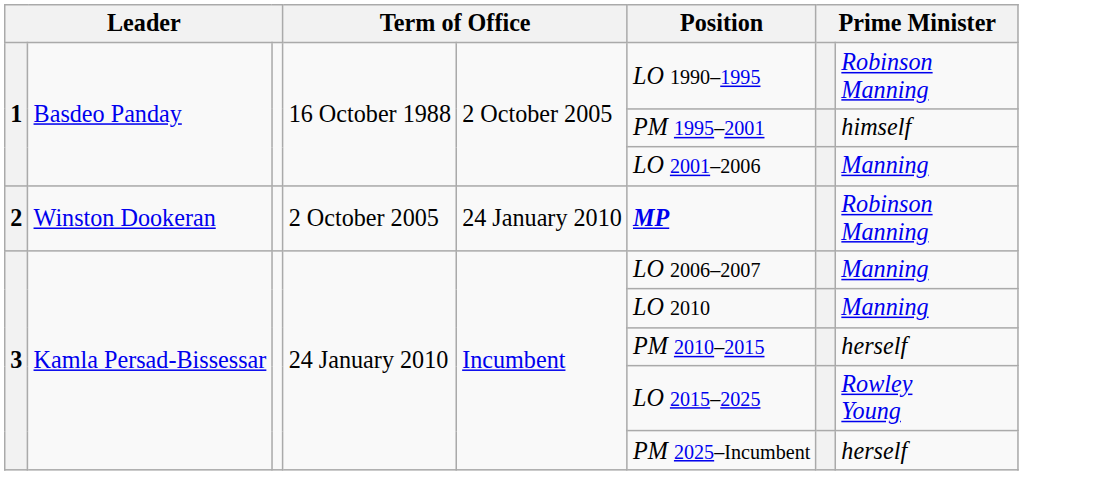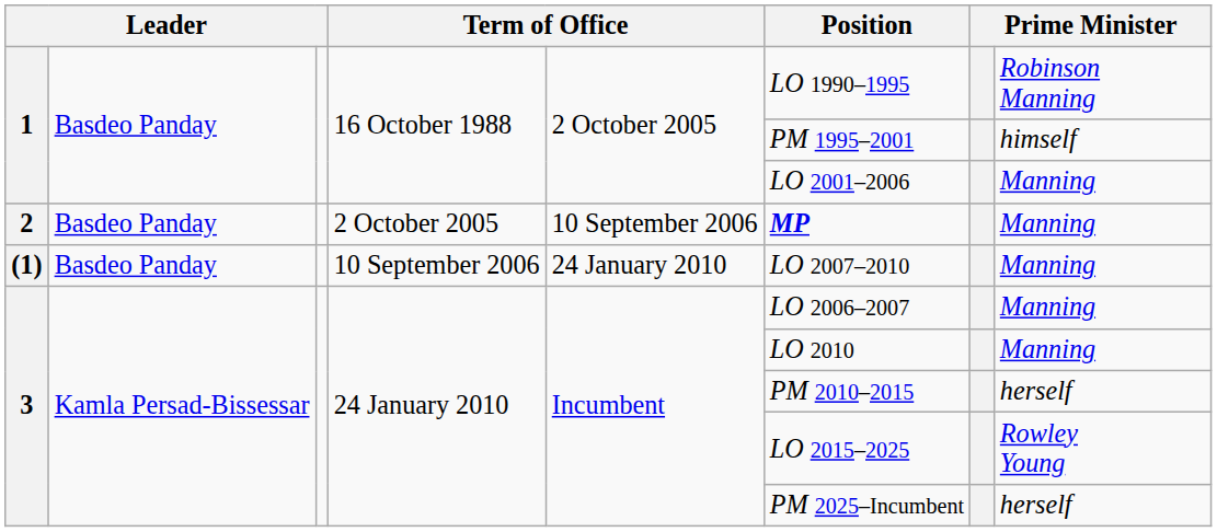 <table class="wikitable">
 <tr>
 <th colspan="3">Leader</th>
 <th colspan="2">Term of Office</th>
 <th>Position</th>
 <th colspan="2" style="width:20%;">Prime Minister</th>
 </tr>
 <tr>
 <th rowspan="3" ! style="background-color: ">1</th>
 <td rowspan="3"><a href='#'>Basdeo Panday</a></td>
 <td rowspan="3"></td>
 <td rowspan="3">16 October 1988</td>
 <td rowspan="3">2 October 2005</td>
 <td><em>LO</em> <small>1990–<a href='#'>1995</a></small></td>
 <th style="background-color: "></th>
 <td><a href='#'><em>Robinson</em></a><br><a href='#'><em>Manning</em></a></td>
 </tr>
 <tr>
 <td><em>PM</em> <small><a href='#'>1995</a>–<a href='#'>2001</a></small></td>
 <th style="background-color: "></th>
 <td><em>himself</em></td>
 </tr>
 <tr>
 <td><em>LO</em> <a href='#'><small>2001</small></a><small>–2006</small></td>
 <th style="background-color: "></th>
 <td><a href='#'><em>Manning</em></a></td>
 </tr>
 <tr>
 <th style="background-color: ">2</th>
-<td><a href='#'>Winston Dookeran</a></td>
+<td><a href='#'>Basdeo Panday</a></td>
 <td></td>
 <td>2 October 2005</td>
-<td>24 January 2010</td>
+<td>10 September 2006</td>
 <td><strong><a href='#'><em>MP</em></a></strong></td>
 <th style="background-color: "></th>
-<td><a href='#'><em>Robinson</em></a><br><a href='#'><em>Manning</em></a></td>
+<td><a href='#'><em>Manning</em></a></td>
+</tr>
+<tr>
+<th style="background-color: ">(1)</th>
+<td><a href='#'>Basdeo Panday</a></td>
+<td></td>
+<td>10 September 2006</td>
+<td>24 January 2010</td>
+<td><em>LO</em> <small>2007–2010</small></td>
+<th style="background-color: "></th>
+<td><a href='#'><em>Manning</em></a></td>
 </tr>
 <tr>
 <th rowspan="5" style="background-color: ">3</th>
 <td rowspan="5"><a href='#'>Kamla Persad-Bissessar</a></td>
 <td rowspan="5"></td>
 <td rowspan="5">24 January 2010</td>
 <td rowspan="5"><a href='#'>Incumbent</a></td>
 <td><em>LO</em> <small>2006–2007</small></td>
 <th style="background-color: "></th>
 <td><a href='#'><em>Manning</em></a></td>
 </tr>
 <tr>
 <td><em>LO</em> <small>2010</small></td>
 <th style="background-color: "></th>
 <td><a href='#'><em>Manning</em></a></td>
 </tr>
 <tr>
 <td><em>PM</em> <small><a href='#'>2010</a>–<a href='#'>2015</a></small></td>
 <th style="background-color: "></th>
 <td><em>herself</em></td>
 </tr>
 <tr>
 <td><em>LO</em> <small><a href='#'>2015</a>–<a href='#'>2025</a></small></td>
 <th style="background-color: "></th>
 <td><a href='#'><em>Rowley</em></a><br><a href='#'><em>Young</em></a></td>
 </tr>
 <tr>
 <td><em>PM</em> <small><a href='#'>2025</a>–Incumbent</small></td>
 <th style="background-color: "></th>
 <td><em>herself</em></td>
 </tr>
 </table>
